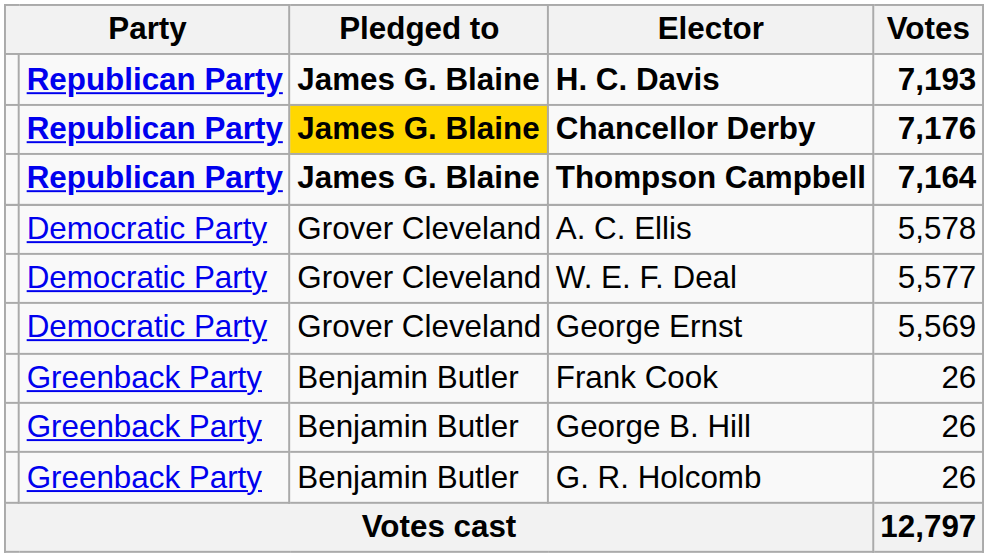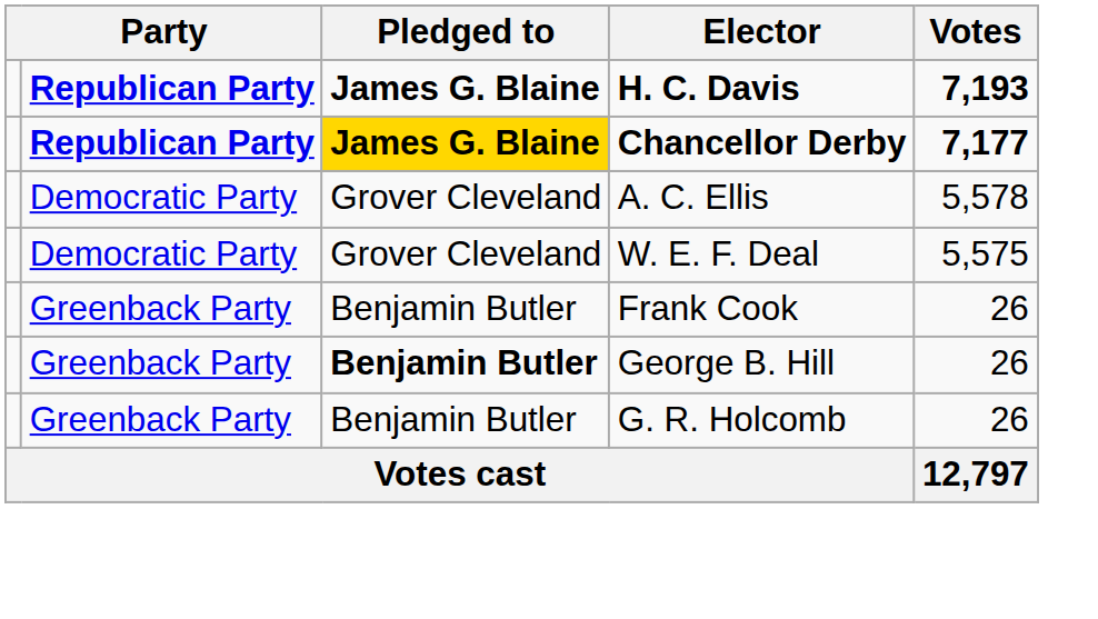 <table class="wikitable">
 <tr>
 <th colspan=2>Party</th>
 <th>Pledged to</th>
 <th>Elector</th>
 <th>Votes</th>
 </tr>
 <tr style="font-weight:bold">
 <td></td>
 <td><a href='#'>Republican Party</a></td>
 <td>James G. Blaine</td>
 <td>H. C. Davis</td>
 <td align="right">7,193</td>
 </tr>
 <tr style="font-weight:bold">
 <td></td>
 <td><a href='#'>Republican Party</a></td>
 <td style="background: gold;">James G. Blaine</td>
 <td>Chancellor Derby</td>
-<td align="right">7,176</td>
-</tr>
-<tr style="font-weight:bold">
-<td></td>
-<td><a href='#'>Republican Party</a></td>
-<td>James G. Blaine</td>
-<td>Thompson Campbell</td>
-<td align="right">7,164</td>
+<td align="right">7,177</td>
 </tr>
 <tr style="font-weight:bold">
 </tr>
 <tr>
 <td></td>
 <td><a href='#'>Democratic Party</a></td>
 <td>Grover Cleveland</td>
 <td>A. C. Ellis</td>
 <td align="right">5,578</td>
 </tr>
 <tr>
 <td></td>
 <td><a href='#'>Democratic Party</a></td>
 <td>Grover Cleveland</td>
 <td>W. E. F. Deal</td>
-<td align="right">5,577</td>
-</tr>
-<tr>
-<td></td>
-<td><a href='#'>Democratic Party</a></td>
-<td>Grover Cleveland</td>
-<td>George Ernst</td>
-<td align="right">5,569</td>
+<td align="right">5,575</td>
 </tr>
 <tr>
 <td></td>
 <td><a href='#'>Greenback Party</a></td>
 <td>Benjamin Butler</td>
 <td>Frank Cook</td>
 <td align="right">26</td>
 </tr>
 <tr>
 <td></td>
 <td><a href='#'>Greenback Party</a></td>
-<td>Benjamin Butler</td>
+<td><strong>Benjamin Butler</strong></td>
 <td>George B. Hill</td>
 <td align="right">26</td>
 </tr>
 <tr>
 <td></td>
 <td><a href='#'>Greenback Party</a></td>
 <td>Benjamin Butler</td>
 <td>G. R. Holcomb</td>
 <td align="right">26</td>
 </tr>
 <tr>
 <th colspan="4">Votes cast</th>
 <th>12,797</th>
 </tr>
 </table>
